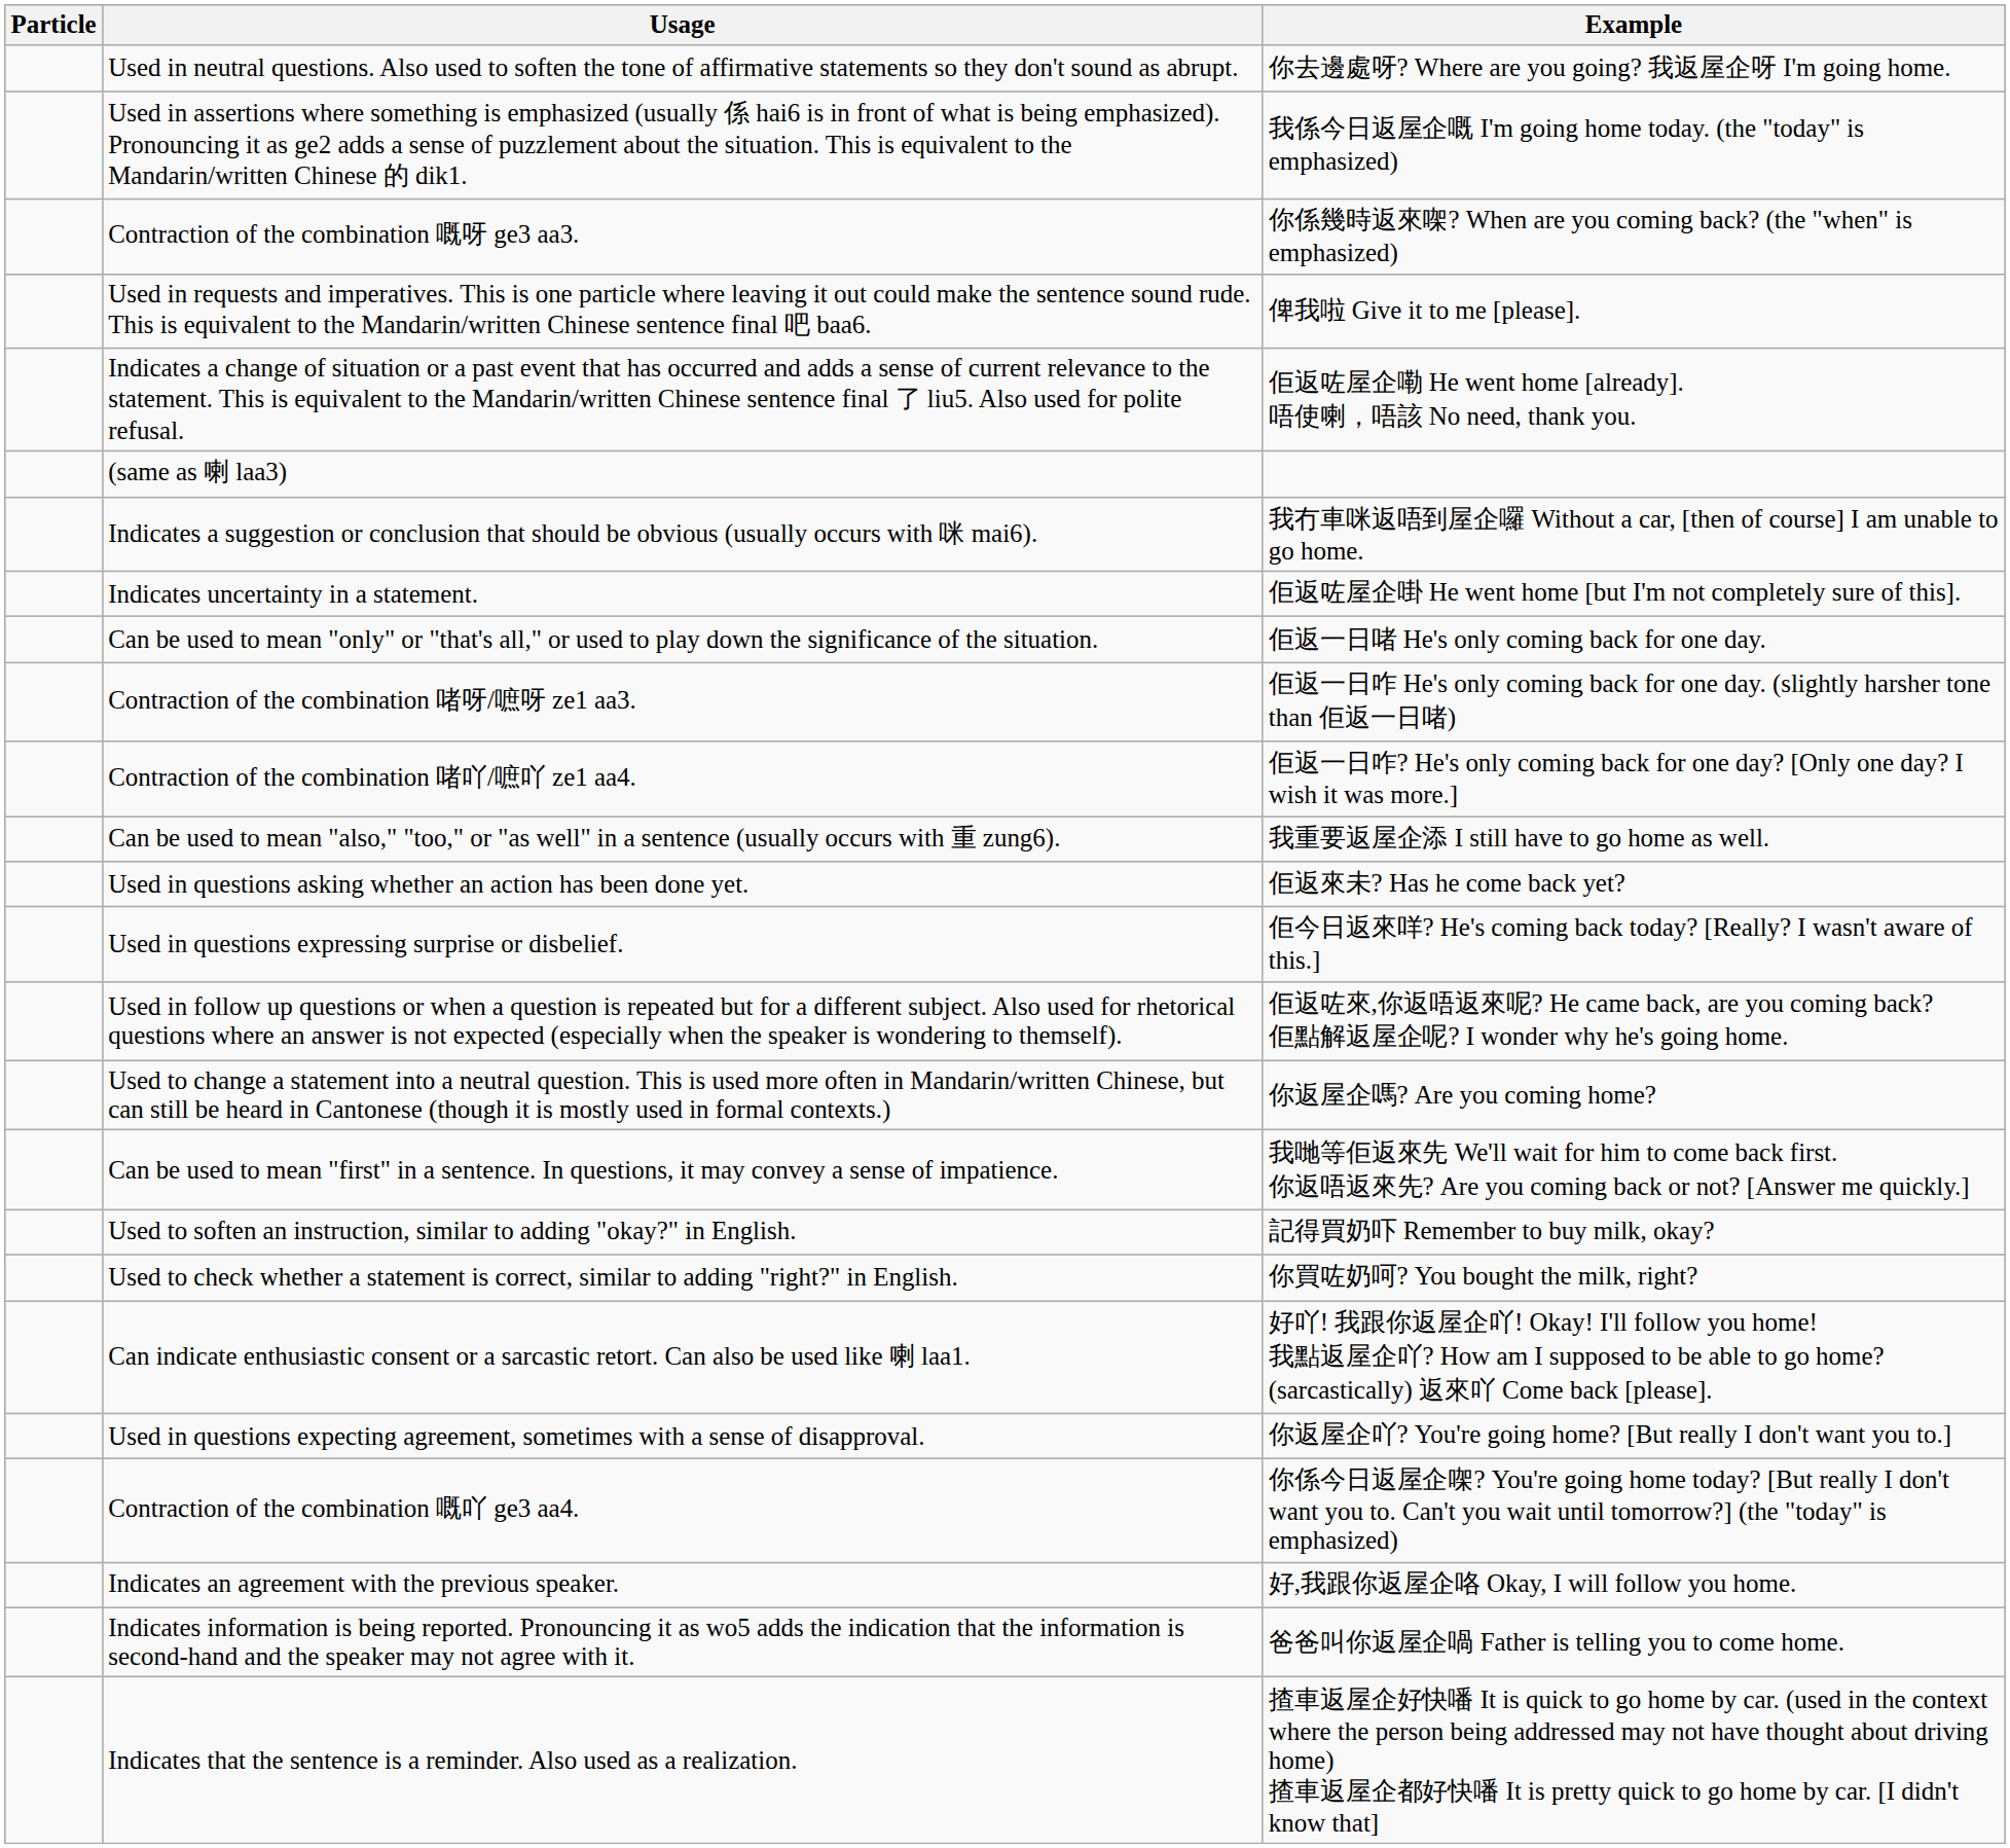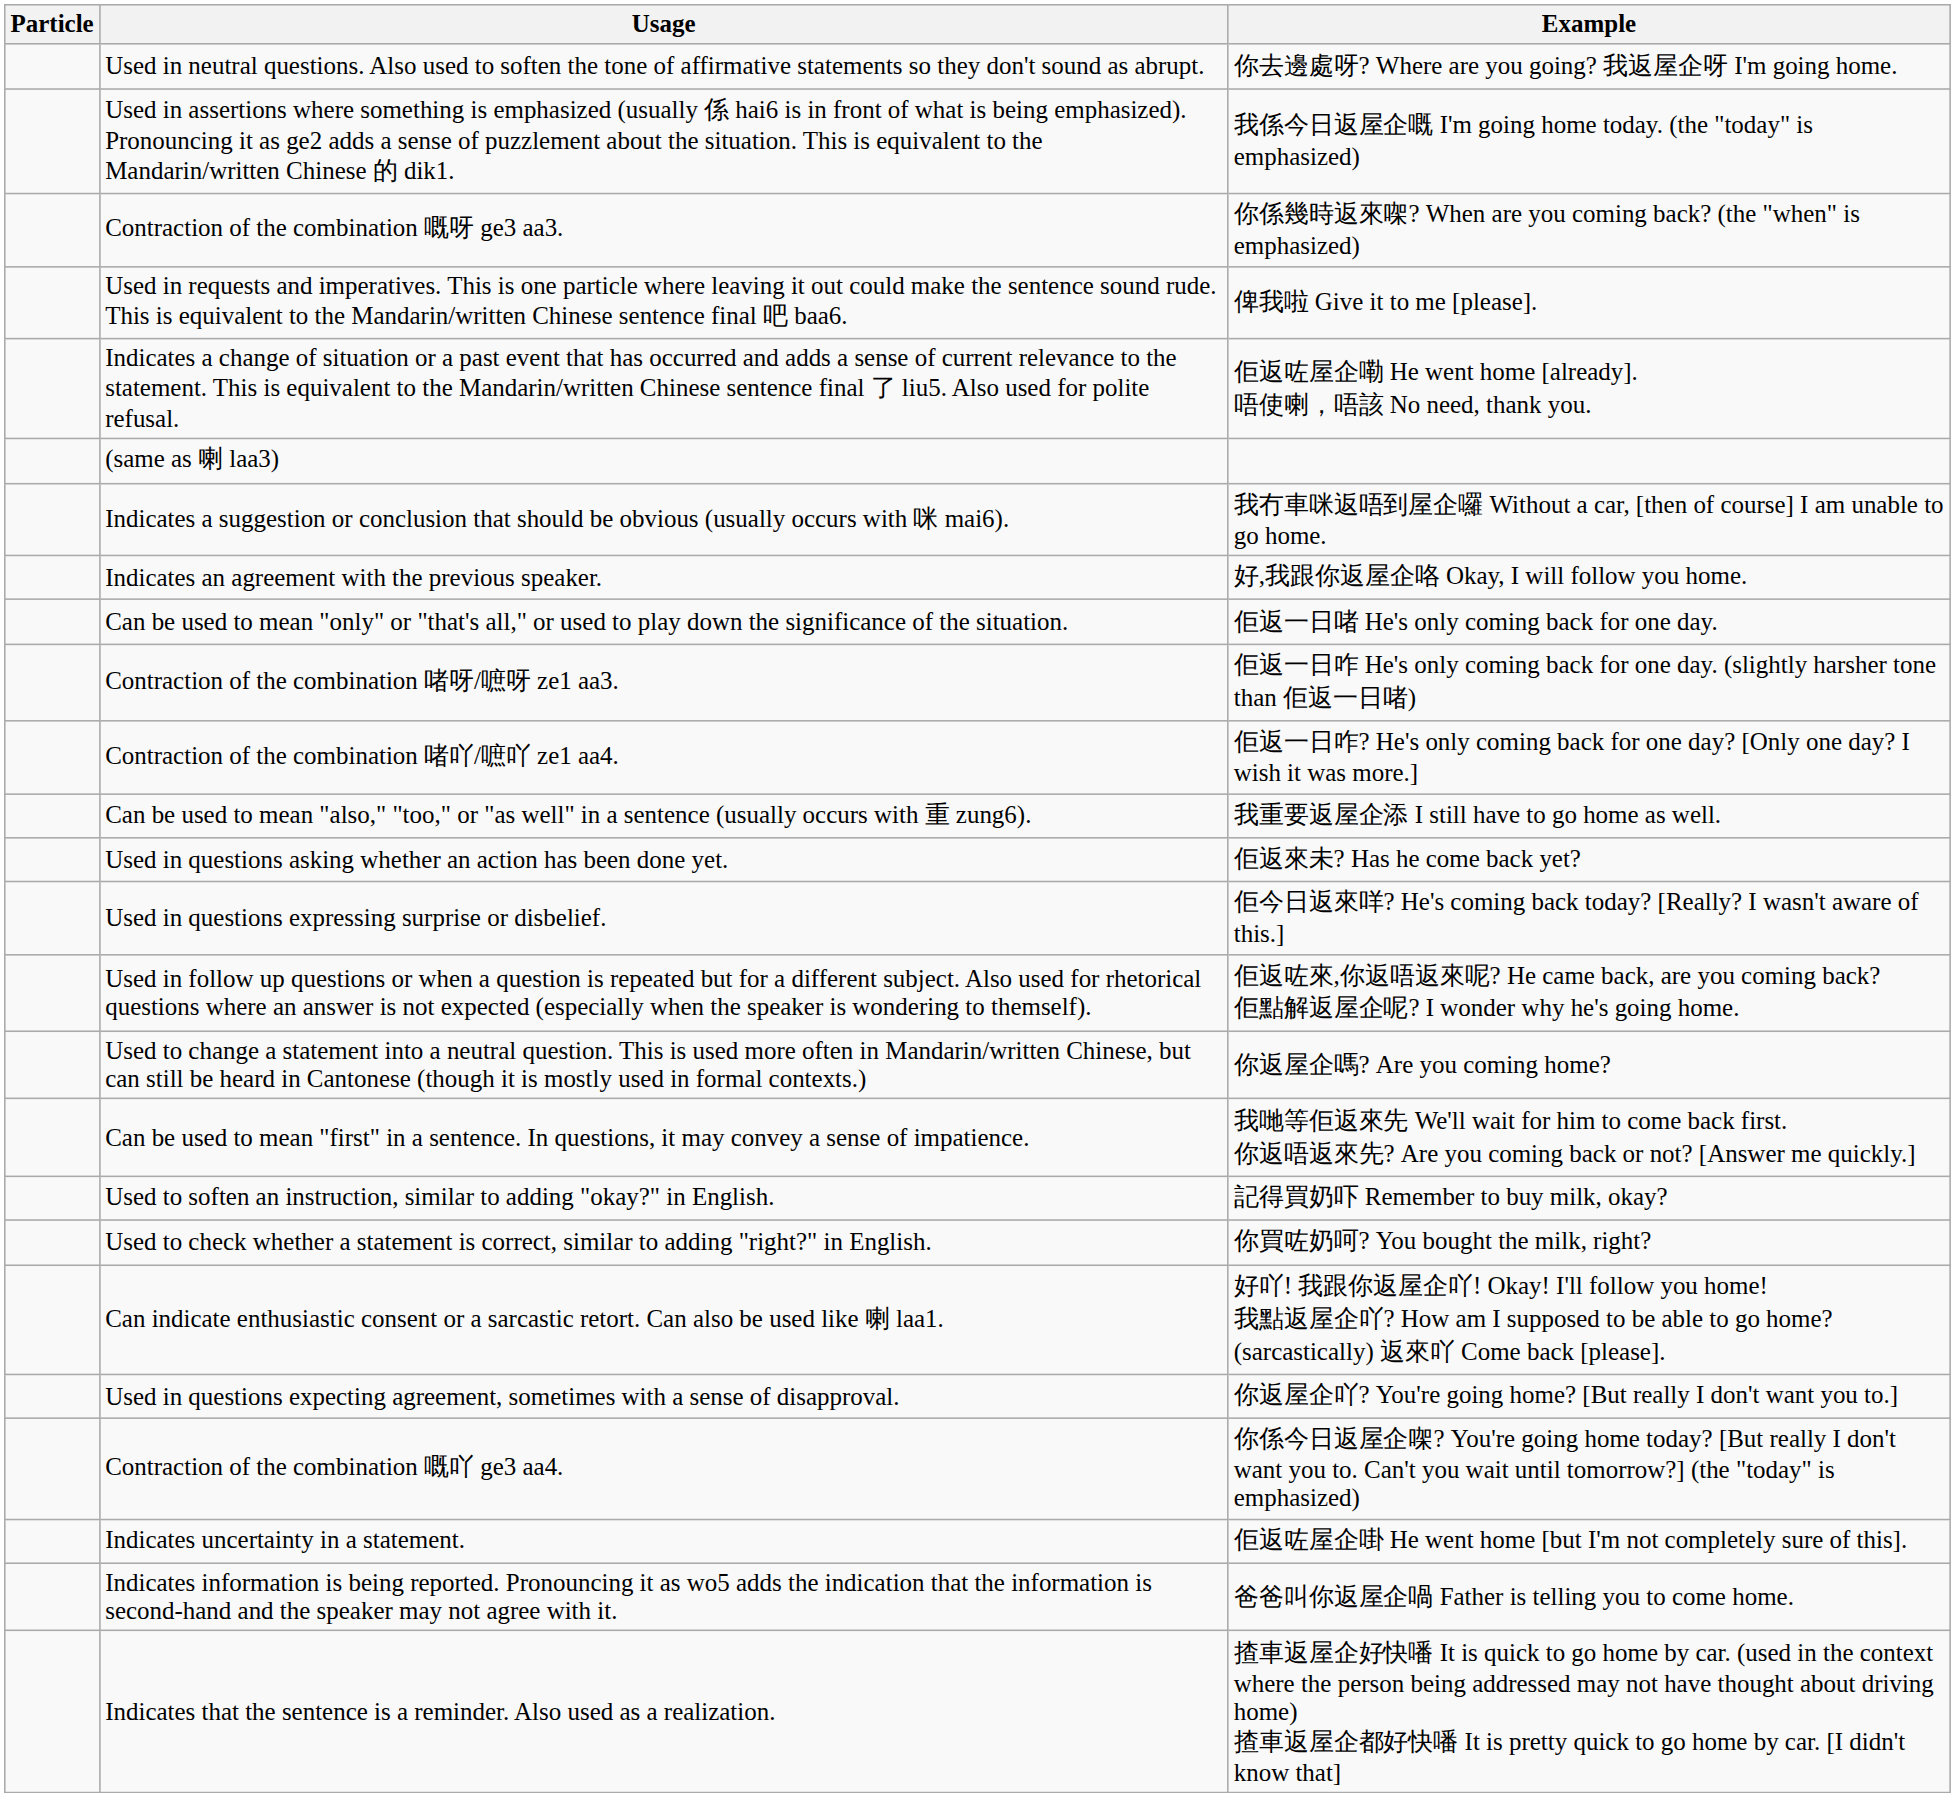 <table class="wikitable">
 <tr>
 <th>Particle</th>
 <th>Usage</th>
 <th>Example</th>
 </tr>
 <tr>
 <td></td>
 <td>Used in neutral questions.  Also used to soften the tone of affirmative statements so they don't sound as abrupt.</td>
 <td>你去邊處呀? Where are you going? 我返屋企呀 I'm going home.</td>
 </tr>
 <tr>
 <td></td>
 <td>Used in assertions where something is emphasized (usually 係 hai6 is in front of what is being emphasized). Pronouncing it as ge2 adds a sense of puzzlement about the situation.  This is equivalent to the Mandarin/written Chinese 的 dik1.</td>
 <td>我係今日返屋企嘅 I'm going home today.  (the "today" is emphasized)</td>
 </tr>
 <tr>
 <td></td>
 <td>Contraction of the combination 嘅呀 ge3 aa3.</td>
 <td>你係幾時返來㗎? When are you coming back?  (the "when" is emphasized)</td>
 </tr>
 <tr>
 <td></td>
 <td>Used in requests and imperatives.  This is one particle where leaving it out could make the sentence sound rude.  This is equivalent to the Mandarin/written Chinese sentence final 吧 baa6.</td>
 <td>俾我啦 Give it to me [please].</td>
 </tr>
 <tr>
 <td></td>
 <td>Indicates a change of situation or a past event that has occurred and adds a sense of current relevance to the statement.  This is equivalent to the Mandarin/written Chinese sentence final 了 liu5.  Also used for polite refusal.</td>
 <td>佢返咗屋企嘞  He went home [already].<br>唔使喇，唔該  No need, thank you.</td>
 </tr>
 <tr>
 <td></td>
 <td>(same as 喇 laa3)</td>
 <td></td>
 </tr>
 <tr>
 <td></td>
 <td>Indicates a suggestion or conclusion that should be obvious (usually occurs with 咪 mai6).</td>
 <td>我冇車咪返唔到屋企囉 Without a car, [then of course] I am unable to go home.</td>
 </tr>
 <tr>
 <td></td>
-<td>Indicates uncertainty in a statement.</td>
-<td>佢返咗屋企啩 He went home [but I'm not completely sure of this].</td>
+<td>Indicates an agreement with the previous speaker.</td>
+<td>好,我跟你返屋企咯 Okay, I will follow you home.</td>
 </tr>
 <tr>
 <td></td>
 <td>Can be used to mean "only" or "that's all," or used to play down the significance of the situation.</td>
 <td>佢返一日啫 He's only coming back for one day.</td>
 </tr>
 <tr>
 <td></td>
 <td>Contraction of the combination 啫呀/嗻呀 ze1 aa3.</td>
 <td>佢返一日咋 He's only coming back for one day.  (slightly harsher tone than 佢返一日啫)</td>
 </tr>
 <tr>
 <td></td>
 <td>Contraction of the combination 啫吖/嗻吖 ze1 aa4.</td>
 <td>佢返一日咋? He's only coming back for one day?  [Only one day?  I wish it was more.]</td>
 </tr>
 <tr>
 <td></td>
 <td>Can be used to mean "also," "too," or "as well" in a sentence (usually occurs with 重 zung6).</td>
 <td>我重要返屋企添 I still have to go home as well.</td>
 </tr>
 <tr>
 <td></td>
 <td>Used in questions asking whether an action has been done yet.</td>
 <td>佢返來未? Has he come back yet?</td>
 </tr>
 <tr>
 <td></td>
 <td>Used in questions expressing surprise or disbelief.</td>
 <td>佢今日返來咩? He's coming back today?  [Really?  I wasn't aware of this.]</td>
 </tr>
 <tr>
 <td></td>
 <td>Used in follow up questions or when a question is repeated but for a different subject.  Also used for rhetorical questions where an answer is not expected (especially when the speaker is wondering to themself).</td>
 <td>佢返咗來,你返唔返來呢? He came back, are you coming back?<br>佢點解返屋企呢? I wonder why he's going home.</td>
 </tr>
 <tr>
 <td></td>
 <td>Used to change a statement into a neutral question.  This is used more often in Mandarin/written Chinese, but can still be heard in Cantonese (though it is mostly used in formal contexts.)</td>
 <td>你返屋企嗎? Are you coming home?</td>
 </tr>
 <tr>
 <td></td>
 <td>Can be used to mean "first" in a sentence.  In questions, it may convey a sense of impatience.</td>
 <td>我哋等佢返來先 We'll wait for him to come back first.<br>你返唔返來先? Are you coming back or not?  [Answer me quickly.]</td>
 </tr>
 <tr>
 <td></td>
 <td>Used to soften an instruction, similar to adding "okay?" in English.</td>
 <td>記得買奶吓 Remember to buy milk, okay?</td>
 </tr>
 <tr>
 <td></td>
 <td>Used to check whether a statement is correct, similar to adding "right?" in English.</td>
 <td>你買咗奶呵? You bought the milk, right?</td>
 </tr>
 <tr>
 <td></td>
 <td>Can indicate enthusiastic consent or a sarcastic retort.  Can also be used like 喇 laa1.</td>
 <td>好吖! 我跟你返屋企吖! Okay!  I'll follow you home!<br>我點返屋企吖? How am I supposed to be able to go home?  (sarcastically) 返來吖 Come back [please].</td>
 </tr>
 <tr>
 <td></td>
 <td>Used in questions expecting agreement, sometimes with a sense of disapproval.</td>
 <td>你返屋企吖? You're going home?  [But really I don't want you to.]</td>
 </tr>
 <tr>
 <td></td>
 <td>Contraction of the combination 嘅吖 ge3 aa4.</td>
 <td>你係今日返屋企㗎? You're going home today? [But really I don't want you to.  Can't you wait until tomorrow?]   (the "today" is emphasized)</td>
 </tr>
 <tr>
 <td></td>
-<td>Indicates an agreement with the previous speaker.</td>
-<td>好,我跟你返屋企咯 Okay, I will follow you home.</td>
+<td>Indicates uncertainty in a statement.</td>
+<td>佢返咗屋企啩 He went home [but I'm not completely sure of this].</td>
 </tr>
 <tr>
 <td></td>
 <td>Indicates information is being reported.  Pronouncing it as wo5 adds the indication that the information is second-hand and the speaker may not agree with it.</td>
 <td>爸爸叫你返屋企喎 Father is telling you to come home.</td>
 </tr>
 <tr>
 <td></td>
 <td>Indicates that the sentence is a reminder. Also used as a realization.</td>
 <td>揸車返屋企好快噃 It is quick to go home by car.  (used in the context where the person being addressed may not have thought about driving home)<br>揸車返屋企都好快噃 It is pretty quick to go home by car. [I didn't know that]</td>
 </tr>
 </table>
